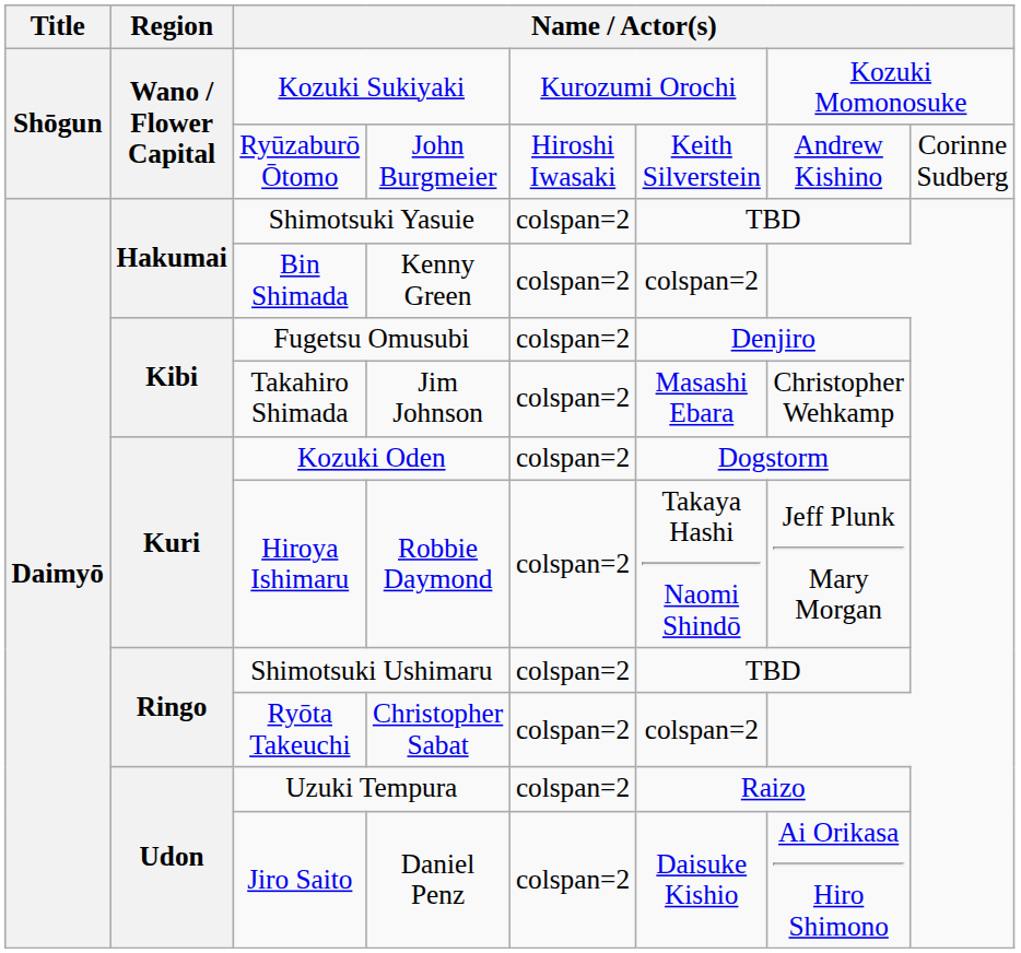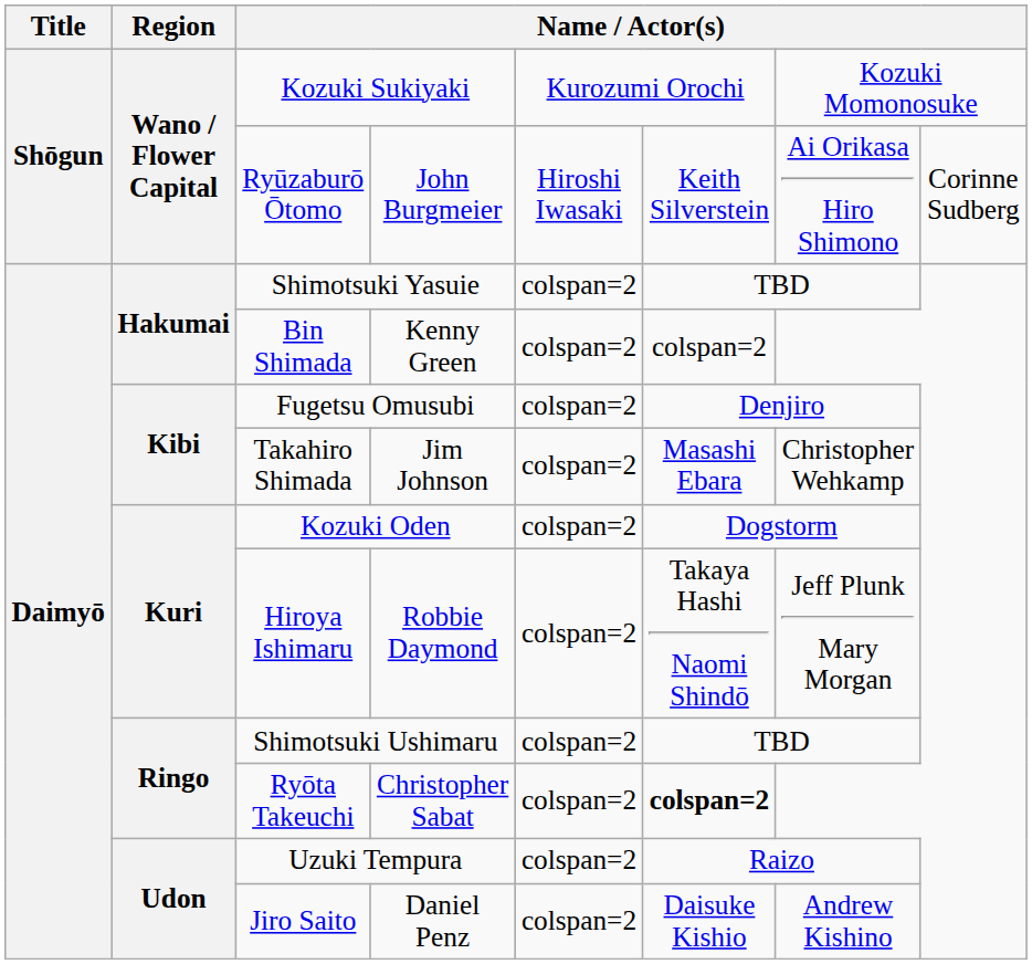 <table class="wikitable floatright mw-collapsible sticky-header" style="text-align: center; width: 30em;">
 <tr>
 <th>Title</th>
 <th>Region</th>
 <th colspan="6">Name / Actor(s)</th>
 </tr>
 <tr>
 <th rowspan="2">Shōgun</th>
 <th rowspan="2">Wano / Flower Capital</th>
 <td colspan="2"><a href='#'>Kozuki Sukiyaki</a></td>
 <td colspan="2"><a href='#'>Kurozumi Orochi</a></td>
 <td colspan="2"><a href='#'>Kozuki Momonosuke</a></td>
 </tr>
 <tr>
 <td><a href='#'>Ryūzaburō Ōtomo</a></td>
 <td><a href='#'>John Burgmeier</a></td>
 <td><a href='#'>Hiroshi Iwasaki</a></td>
 <td><a href='#'>Keith Silverstein</a></td>
-<td><a href='#'>Andrew Kishino</a></td>
+<td><a href='#'>Ai Orikasa</a><hr><a href='#'>Hiro Shimono</a></td>
 <td>Corinne Sudberg</td>
 </tr>
 <tr>
 <th rowspan="12">Daimyō</th>
 <th rowspan="2">Hakumai</th>
 <td colspan="2">Shimotsuki Yasuie</td>
 <td>colspan=2 </td>
 <td colspan="2">TBD</td>
 </tr>
 <tr>
 <td><a href='#'>Bin Shimada</a></td>
 <td>Kenny Green</td>
 <td>colspan=2 </td>
 <td>colspan=2 </td>
 </tr>
 <tr>
 <th rowspan="2">Kibi</th>
 <td colspan="2">Fugetsu Omusubi</td>
 <td>colspan=2 </td>
 <td colspan="2"><a href='#'>Denjiro</a></td>
 </tr>
 <tr>
 <td>Takahiro Shimada</td>
 <td>Jim Johnson</td>
 <td>colspan=2 </td>
 <td><a href='#'>Masashi Ebara</a></td>
 <td>Christopher Wehkamp</td>
 </tr>
 <tr>
 <th rowspan="2">Kuri</th>
 <td colspan="2"><a href='#'>Kozuki Oden</a></td>
 <td>colspan=2 </td>
 <td colspan="2"><a href='#'>Dogstorm</a></td>
 </tr>
 <tr>
 <td><a href='#'>Hiroya Ishimaru</a></td>
 <td><a href='#'>Robbie Daymond</a></td>
 <td>colspan=2 </td>
 <td>Takaya Hashi<hr><a href='#'>Naomi Shindō</a></td>
 <td>Jeff Plunk<hr>Mary Morgan</td>
 </tr>
 <tr>
 <th rowspan="2">Ringo</th>
 <td colspan="2">Shimotsuki Ushimaru</td>
 <td>colspan=2 </td>
 <td colspan="2">TBD</td>
 </tr>
 <tr>
 <td><a href='#'>Ryōta Takeuchi</a></td>
 <td><a href='#'>Christopher Sabat</a></td>
 <td>colspan=2 </td>
-<td>colspan=2 </td>
+<td><strong>colspan=2 </strong></td>
 </tr>
 <tr>
 <th rowspan="2">Udon</th>
 <td colspan="2">Uzuki Tempura</td>
 <td>colspan=2 </td>
 <td colspan="2"><a href='#'>Raizo</a></td>
 </tr>
 <tr>
 <td><a href='#'>Jiro Saito</a></td>
 <td>Daniel Penz</td>
 <td>colspan=2 </td>
 <td><a href='#'>Daisuke Kishio</a></td>
-<td><a href='#'>Ai Orikasa</a><hr><a href='#'>Hiro Shimono</a></td>
+<td><a href='#'>Andrew Kishino</a></td>
 </tr>
 </table>
